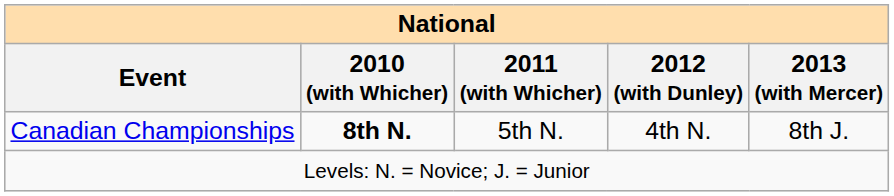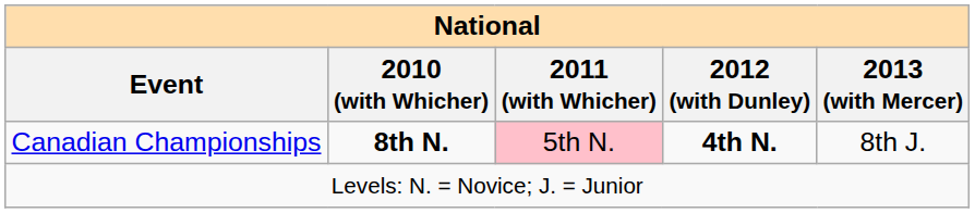 <table class="wikitable" style="text-align:center">
 <tr>
 <th style="background-color: #ffdead; " colspan=5 align=center><strong>National</strong></th>
 </tr>
 <tr>
 <th>Event</th>
 <th>2010 <br> <small>(with Whicher)</small></th>
 <th>2011 <br> <small>(with Whicher)</small></th>
 <th>2012 <br> <small>(with Dunley)</small></th>
 <th>2013 <br> <small>(with Mercer)</small></th>
 </tr>
 <tr>
 <td align=left><a href='#'>Canadian Championships</a></td>
 <td><strong>8th N.</strong></td>
-<td>5th N.</td>
-<td>4th N.</td>
+<td style="background: pink;">5th N.</td>
+<td><strong>4th N.</strong></td>
 <td>8th J.</td>
 </tr>
 <tr>
 <td colspan=5 align=center><small> Levels: N. = Novice; J. = Junior </small></td>
 </tr>
 </table>
